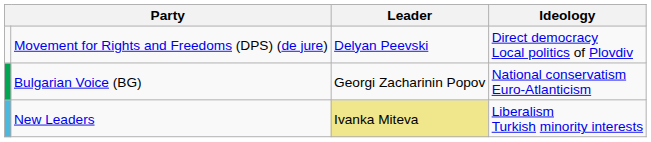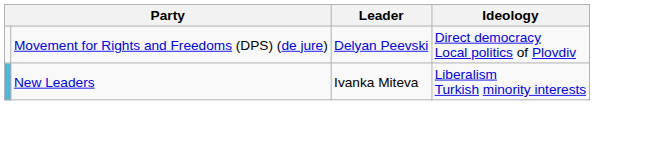 <table class="wikitable" style="font-size:95%; white-space: nowrap">
 <tr>
 <th style="width:200px" colspan="2">Party</th>
 <th style="width:100px">Leader</th>
 <th style="width:120px">Ideology</th>
 </tr>
 <tr>
 <td style="background:"></td>
 <td><a href='#'>Movement for Rights and Freedoms</a> (DPS) (<a href='#'>de jure</a>)</td>
 <td><a href='#'>Delyan Peevski</a></td>
 <td><a href='#'>Direct democracy</a><br><a href='#'>Local politics</a> of <a href='#'>Plovdiv</a></td>
 </tr>
 <tr>
-<td style="background:#00A651;"></td>
-<td><a href='#'>Bulgarian Voice</a> (BG)</td>
-<td>Georgi Zacharinin Popov</td>
-<td><a href='#'>National conservatism</a><br><a href='#'>Euro-Atlanticism</a></td>
-</tr>
-<tr>
 <td style="background:#4bb9de;"></td>
 <td><a href='#'>New Leaders</a></td>
-<td style="background: khaki;">Ivanka Miteva</td>
+<td>Ivanka Miteva</td>
 <td><a href='#'>Liberalism</a><br><a href='#'>Turkish</a> <a href='#'>minority interests</a></td>
 </tr>
 </table>
